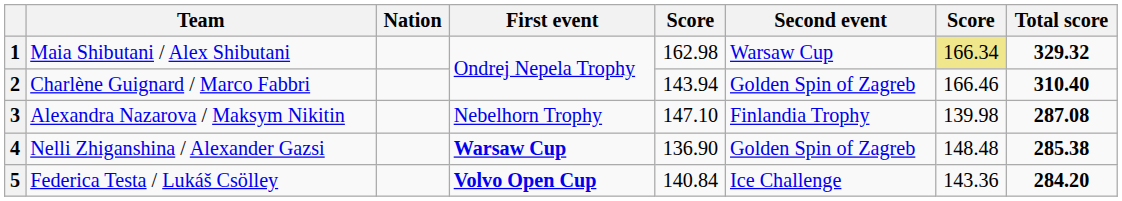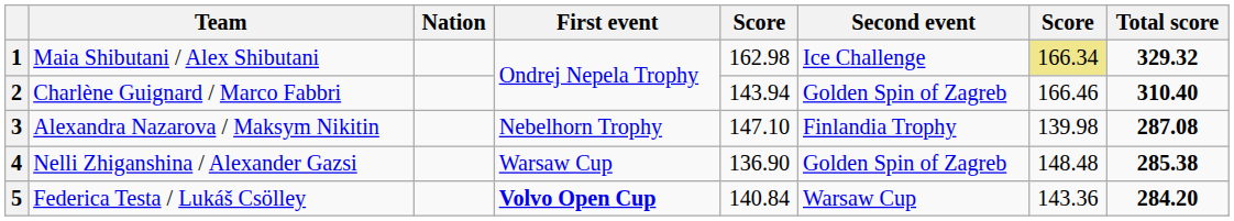 <table class="wikitable unsortable" style="text-align:left; width:100%">
 <tr>
 <th scope="col"></th>
 <th scope="col">Team</th>
 <th scope="col">Nation</th>
 <th scope="col">First event</th>
 <th scope="col">Score</th>
 <th scope="col">Second event</th>
 <th scope="col">Score</th>
 <th scope="col">Total score</th>
 </tr>
 <tr>
 <th scope="row">1</th>
 <td><a href='#'>Maia Shibutani</a> / <a href='#'>Alex Shibutani</a></td>
 <td></td>
 <td rowspan="2"><a href='#'>Ondrej Nepela Trophy</a></td>
 <td style="text-align:center">162.98</td>
-<td><a href='#'>Warsaw Cup</a></td>
+<td><a href='#'>Ice Challenge</a></td>
 <td style="background: khaki; text-align:center">166.34</td>
 <td style="text-align:center"><strong>329.32</strong></td>
 </tr>
 <tr>
 <th scope="row">2</th>
 <td><a href='#'>Charlène Guignard</a> / <a href='#'>Marco Fabbri</a></td>
 <td></td>
 <td style="text-align:center">143.94</td>
 <td><a href='#'>Golden Spin of Zagreb</a></td>
 <td style="text-align:center">166.46</td>
 <td style="text-align:center"><strong>310.40</strong></td>
 </tr>
 <tr>
 <th scope="row">3</th>
 <td><a href='#'>Alexandra Nazarova</a> / <a href='#'>Maksym Nikitin</a></td>
 <td></td>
 <td><a href='#'>Nebelhorn Trophy</a></td>
 <td style="text-align:center">147.10</td>
 <td><a href='#'>Finlandia Trophy</a></td>
 <td style="text-align:center">139.98</td>
 <td style="text-align:center"><strong>287.08</strong></td>
 </tr>
 <tr>
 <th scope="row">4</th>
 <td><a href='#'>Nelli Zhiganshina</a> / <a href='#'>Alexander Gazsi</a></td>
 <td></td>
-<td><strong><a href='#'>Warsaw Cup</a></strong></td>
+<td><a href='#'>Warsaw Cup</a></td>
 <td style="text-align:center">136.90</td>
 <td><a href='#'>Golden Spin of Zagreb</a></td>
 <td style="text-align:center">148.48</td>
 <td style="text-align:center"><strong>285.38</strong></td>
 </tr>
 <tr>
 <th scope="row">5</th>
 <td><a href='#'>Federica Testa</a> / <a href='#'>Lukáš Csölley</a></td>
 <td></td>
 <td><strong><a href='#'>Volvo Open Cup</a></strong></td>
 <td style="text-align:center">140.84</td>
-<td><a href='#'>Ice Challenge</a></td>
+<td><a href='#'>Warsaw Cup</a></td>
 <td style="text-align:center">143.36</td>
 <td style="text-align:center"><strong>284.20</strong></td>
 </tr>
 </table>
